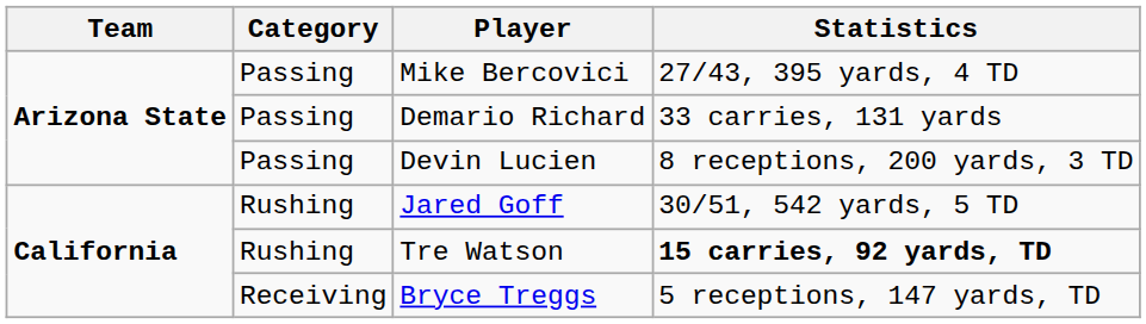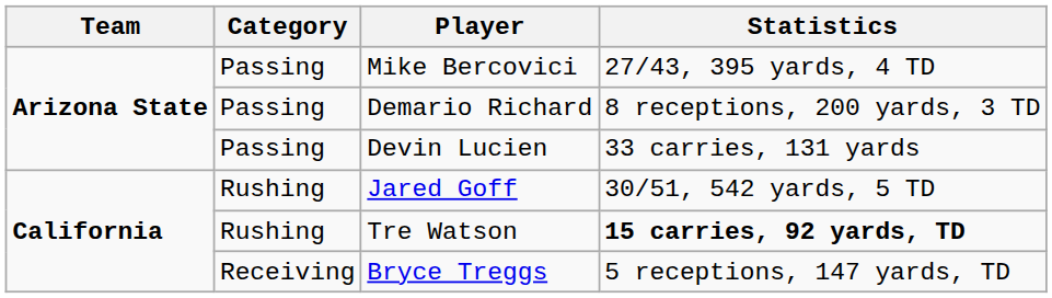 <table class="wikitable" style="float: right;">
 <tr>
 <th>Team</th>
 <th>Category</th>
 <th>Player</th>
 <th>Statistics</th>
 </tr>
 <tr>
 <td rowspan=3><strong>Arizona State</strong></td>
 <td>Passing</td>
 <td>Mike Bercovici</td>
 <td>27/43, 395 yards, 4 TD</td>
 </tr>
 <tr>
 <td>Passing</td>
 <td>Demario Richard</td>
-<td>33 carries, 131 yards</td>
+<td>8 receptions, 200 yards, 3 TD</td>
 </tr>
 <tr>
 <td>Passing</td>
 <td>Devin Lucien</td>
-<td>8 receptions, 200 yards, 3 TD</td>
+<td>33 carries, 131 yards</td>
 </tr>
 <tr>
 <td rowspan=3><strong>California</strong></td>
 <td>Rushing</td>
 <td><a href='#'>Jared Goff</a></td>
 <td>30/51, 542 yards, 5 TD</td>
 </tr>
 <tr>
 <td>Rushing</td>
 <td>Tre Watson</td>
 <td><strong>15 carries, 92 yards, TD</strong></td>
 </tr>
 <tr>
 <td>Receiving</td>
 <td><a href='#'>Bryce Treggs</a></td>
 <td>5 receptions, 147 yards, TD</td>
 </tr>
 </table>
